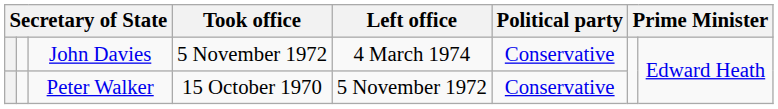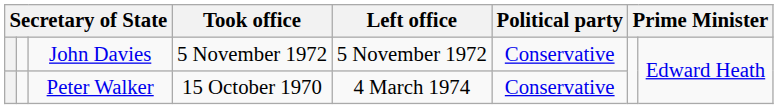 <table class="wikitable" style="text-align:center">
 <tr>
 <th colspan=3>Secretary of State</th>
 <th>Took office</th>
 <th>Left office</th>
 <th>Political party</th>
 <th colspan=2>Prime Minister</th>
 </tr>
 <tr>
 <th style="background-color:"></th>
 <td></td>
 <td><a href='#'>John Davies</a><br></td>
 <td>5 November 1972</td>
-<td>4 March 1974</td>
+<td>5 November 1972</td>
 <td><a href='#'>Conservative</a></td>
 <td rowspan=2 style="background-color:"></td>
 <td rowspan=2><a href='#'>Edward Heath</a></td>
 </tr>
 <tr>
 <th style="background-color:"></th>
 <td></td>
 <td><a href='#'>Peter Walker</a><br></td>
 <td>15 October 1970</td>
-<td>5 November 1972</td>
+<td>4 March 1974</td>
 <td><a href='#'>Conservative</a></td>
 </tr>
 </table>
